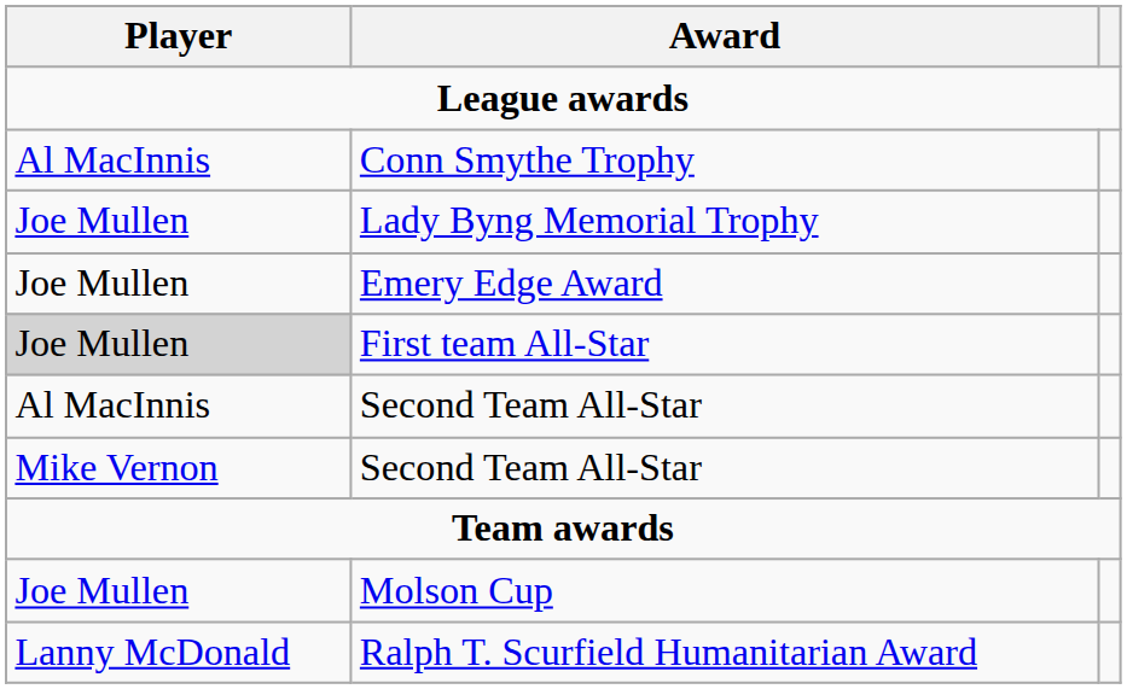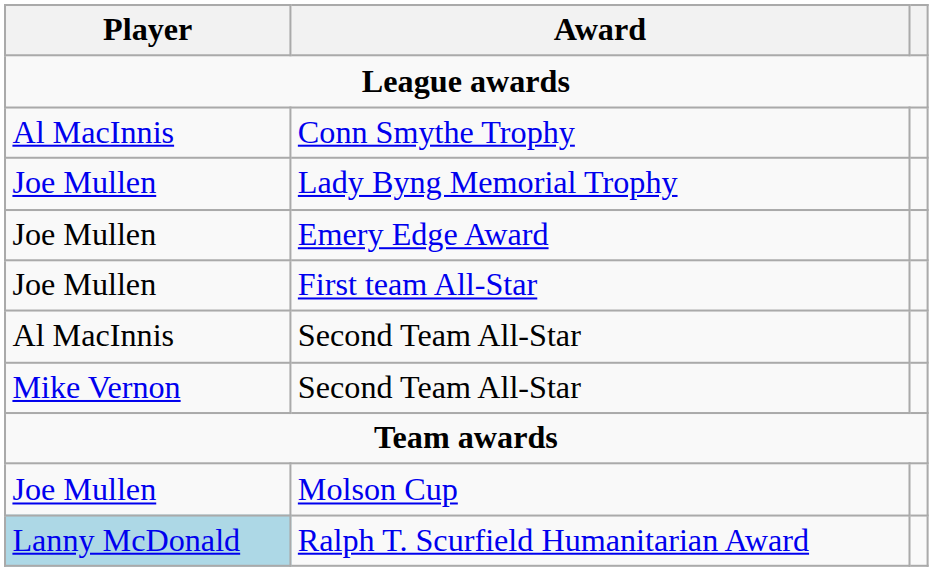 <table class="wikitable" width="52%">
 <tr>
 <th>Player</th>
 <th>Award</th>
 <th></th>
 </tr>
 <tr>
 <td colspan="3" align="center"><strong>League awards</strong></td>
 </tr>
 <tr>
 <td><a href='#'>Al MacInnis</a></td>
 <td><a href='#'>Conn Smythe Trophy</a></td>
 <td></td>
 </tr>
 <tr>
 <td><a href='#'>Joe Mullen</a></td>
 <td><a href='#'>Lady Byng Memorial Trophy</a></td>
 <td></td>
 </tr>
 <tr>
 <td>Joe Mullen</td>
 <td><a href='#'>Emery Edge Award</a></td>
 <td></td>
 </tr>
 <tr>
-<td style="background: lightgrey;">Joe Mullen</td>
+<td>Joe Mullen</td>
 <td><a href='#'>First team All-Star</a></td>
 <td></td>
 </tr>
 <tr>
 <td>Al MacInnis</td>
 <td>Second Team All-Star</td>
 <td></td>
 </tr>
 <tr>
 <td><a href='#'>Mike Vernon</a></td>
 <td>Second Team All-Star</td>
 <td></td>
 </tr>
 <tr>
 <td colspan="3" align="center"><strong>Team awards</strong></td>
 </tr>
 <tr>
 <td><a href='#'>Joe Mullen</a></td>
 <td><a href='#'>Molson Cup</a></td>
 <td></td>
 </tr>
 <tr>
-<td><a href='#'>Lanny McDonald</a></td>
+<td style="background: lightblue;"><a href='#'>Lanny McDonald</a></td>
 <td><a href='#'>Ralph T. Scurfield Humanitarian Award</a></td>
 <td></td>
 </tr>
 </table>
